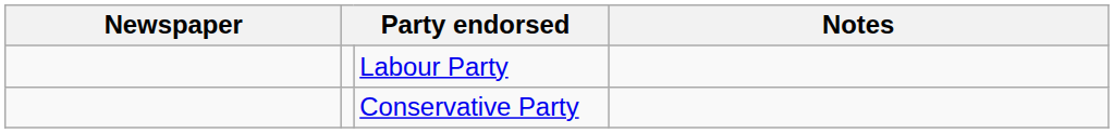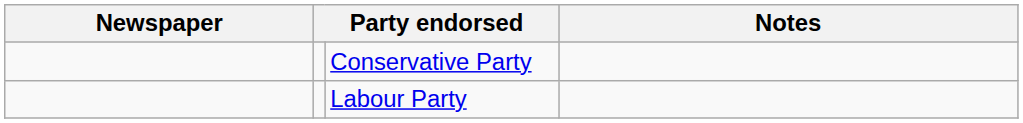 <table class="wikitable">
 <tr>
 <th width=200px>Newspaper</th>
 <th colspan=2>Party endorsed</th>
 <th width=300px>Notes</th>
 </tr>
 <tr>
 <td></td>
 <td style="background-color: "></td>
-<td width=150px><a href='#'>Labour Party</a></td>
+<td width=150px><a href='#'>Conservative Party</a></td>
 <td></td>
 </tr>
 <tr>
 <td></td>
 <td style="background-color: "></td>
-<td width=150px><a href='#'>Conservative Party</a></td>
+<td width=150px><a href='#'>Labour Party</a></td>
 <td></td>
 </tr>
 </table>
